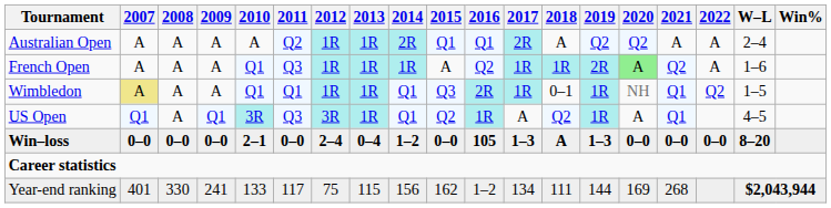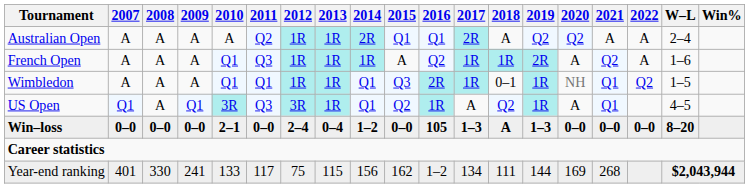 <table class="wikitable" style="text-align:center">
 <tr>
 <th>Tournament</th>
 <th><a href='#'>2007</a></th>
 <th><a href='#'>2008</a></th>
 <th><a href='#'>2009</a></th>
 <th><a href='#'>2010</a></th>
 <th><a href='#'>2011</a></th>
 <th><a href='#'>2012</a></th>
 <th><a href='#'>2013</a></th>
 <th><a href='#'>2014</a></th>
 <th><a href='#'>2015</a></th>
 <th><a href='#'>2016</a></th>
 <th><a href='#'>2017</a></th>
 <th><a href='#'>2018</a></th>
 <th><a href='#'>2019</a></th>
 <th><a href='#'>2020</a></th>
 <th><a href='#'>2021</a></th>
 <th><a href='#'>2022</a></th>
 <th>W–L</th>
 <th>Win%</th>
 </tr>
 <tr>
 <td align="left"><a href='#'>Australian Open</a></td>
 <td>A</td>
 <td>A</td>
 <td>A</td>
 <td>A</td>
 <td bgcolor="f0f8ff"><a href='#'>Q2</a></td>
 <td style="background:#afeeee"><a href='#'>1R</a></td>
 <td style="background:#afeeee"><a href='#'>1R</a></td>
 <td style="background:#afeeee"><a href='#'>2R</a></td>
 <td bgcolor="f0f8ff"><a href='#'>Q1</a></td>
 <td bgcolor="f0f8ff"><a href='#'>Q1</a></td>
 <td style="background:#afeeee"><a href='#'>2R</a></td>
 <td>A</td>
 <td bgcolor="f0f8ff"><a href='#'>Q2</a></td>
 <td bgcolor="f0f8ff"><a href='#'>Q2</a></td>
 <td>A</td>
 <td>A</td>
 <td>2–4</td>
 <td></td>
 </tr>
 <tr>
 <td align="left"><a href='#'>French Open</a></td>
 <td>A</td>
 <td>A</td>
 <td>A</td>
 <td bgcolor="f0f8ff"><a href='#'>Q1</a></td>
 <td bgcolor="f0f8ff"><a href='#'>Q3</a></td>
 <td style="background:#afeeee"><a href='#'>1R</a></td>
 <td style="background:#afeeee"><a href='#'>1R</a></td>
 <td style="background:#afeeee"><a href='#'>1R</a></td>
 <td>A</td>
 <td bgcolor="f0f8ff"><a href='#'>Q2</a></td>
 <td style="background:#afeeee"><a href='#'>1R</a></td>
 <td style="background:#afeeee"><a href='#'>1R</a></td>
 <td style="background:#afeeee"><a href='#'>2R</a></td>
-<td style="background: lightgreen;">A</td>
+<td>A</td>
 <td bgcolor="f0f8ff"><a href='#'>Q2</a></td>
 <td>A</td>
 <td>1–6</td>
 <td></td>
 </tr>
 <tr>
 <td align="left"><a href='#'>Wimbledon</a></td>
-<td style="background: khaki;">A</td>
+<td>A</td>
 <td>A</td>
 <td>A</td>
 <td bgcolor="f0f8ff"><a href='#'>Q1</a></td>
 <td bgcolor="f0f8ff"><a href='#'>Q1</a></td>
 <td style="background:#afeeee"><a href='#'>1R</a></td>
 <td style="background:#afeeee"><a href='#'>1R</a></td>
 <td bgcolor="f0f8ff"><a href='#'>Q1</a></td>
 <td bgcolor="f0f8ff"><a href='#'>Q3</a></td>
 <td style="background:#afeeee"><a href='#'>2R</a></td>
 <td style="background:#afeeee"><a href='#'>1R</a></td>
 <td>0–1</td>
 <td style="background:#afeeee"><a href='#'>1R</a></td>
 <td style="color:#767676">NH</td>
 <td bgcolor="f0f8ff"><a href='#'>Q1</a></td>
 <td><a href='#'>Q2</a></td>
 <td>1–5</td>
 <td></td>
 </tr>
 <tr>
 <td align="left"><a href='#'>US Open</a></td>
 <td bgcolor="f0f8ff"><a href='#'>Q1</a></td>
 <td>A</td>
 <td bgcolor="f0f8ff"><a href='#'>Q1</a></td>
 <td style="background:#afeeee"><a href='#'>3R</a></td>
 <td bgcolor="f0f8ff"><a href='#'>Q3</a></td>
 <td style="background:#afeeee"><a href='#'>3R</a></td>
 <td style="background:#afeeee"><a href='#'>1R</a></td>
 <td bgcolor="f0f8ff"><a href='#'>Q1</a></td>
 <td bgcolor="f0f8ff"><a href='#'>Q2</a></td>
 <td style="background:#afeeee"><a href='#'>1R</a></td>
 <td>A</td>
 <td bgcolor="f0f8ff"><a href='#'>Q2</a></td>
 <td style="background:#afeeee"><a href='#'>1R</a></td>
 <td>A</td>
 <td bgcolor="f0f8ff"><a href='#'>Q1</a></td>
 <td></td>
 <td>4–5</td>
 <td></td>
 </tr>
 <tr style="font-weight:bold;background:#efefef">
 <td style="text-align:left">Win–loss</td>
 <td>0–0</td>
 <td>0–0</td>
 <td>0–0</td>
 <td>2–1</td>
 <td>0–0</td>
 <td>2–4</td>
 <td>0–4</td>
 <td>1–2</td>
 <td>0–0</td>
 <td>105</td>
 <td>1–3</td>
 <td>A</td>
 <td>1–3</td>
 <td>0–0</td>
 <td>0–0</td>
 <td>0–0</td>
 <td>8–20</td>
 <td></td>
 </tr>
 <tr>
 <td colspan="20" align="left"><strong>Career statistics</strong></td>
 </tr>
 <tr bgcolor="efefef">
 <td style="text-align:left">Year-end ranking</td>
 <td>401</td>
 <td>330</td>
 <td>241</td>
 <td>133</td>
 <td>117</td>
 <td>75</td>
 <td>115</td>
 <td>156</td>
 <td>162</td>
 <td>1–2</td>
 <td>134</td>
 <td>111</td>
 <td>144</td>
 <td>169</td>
 <td>268</td>
 <td></td>
 <td colspan="3"><strong>$2,043,944</strong></td>
 </tr>
 </table>
